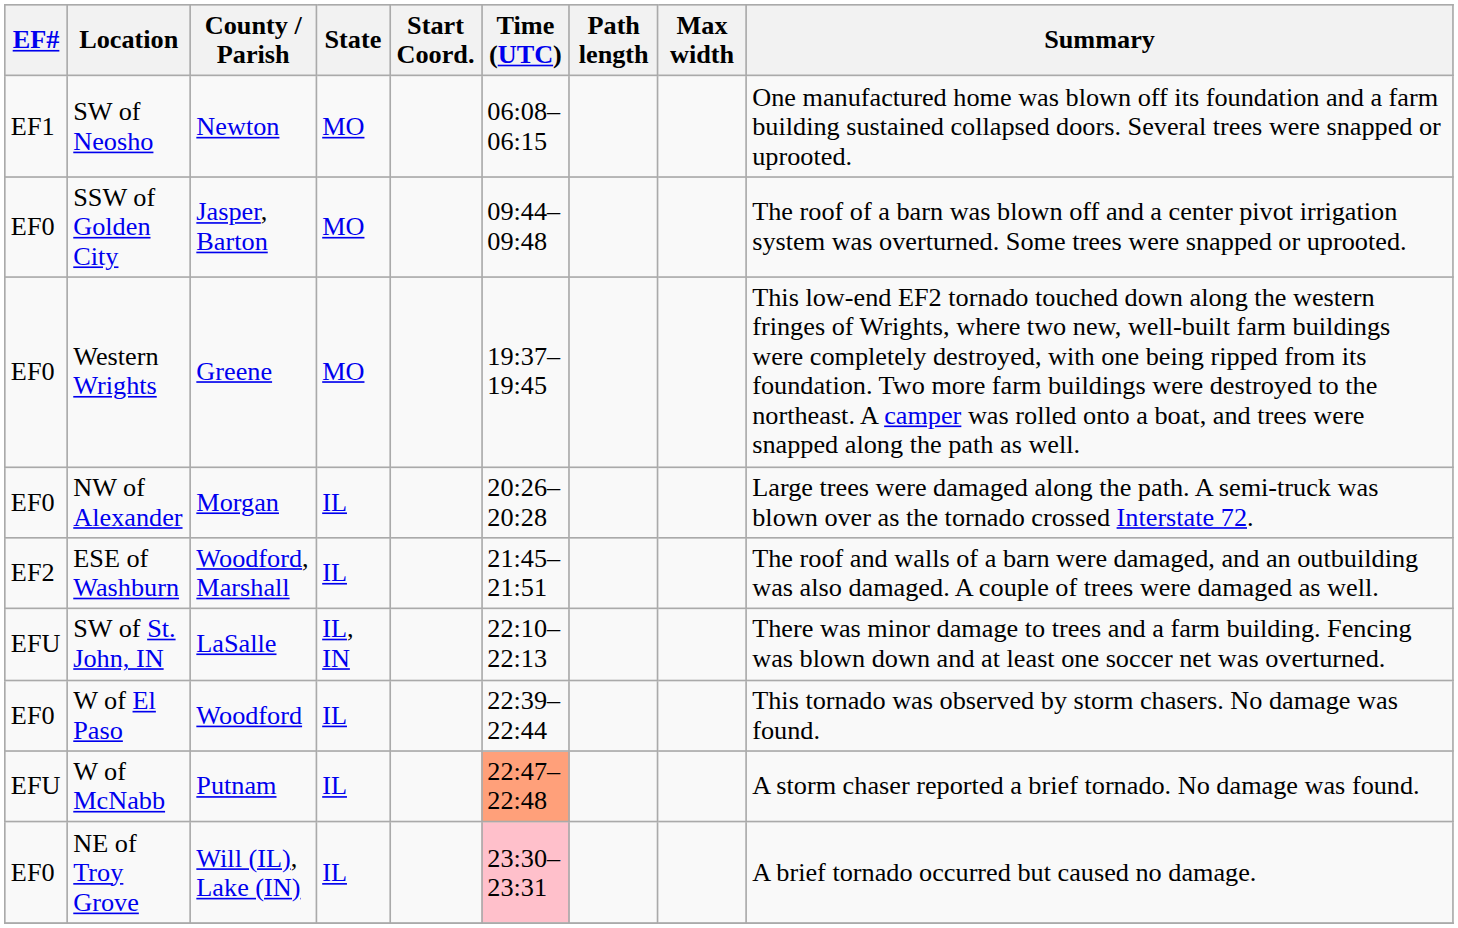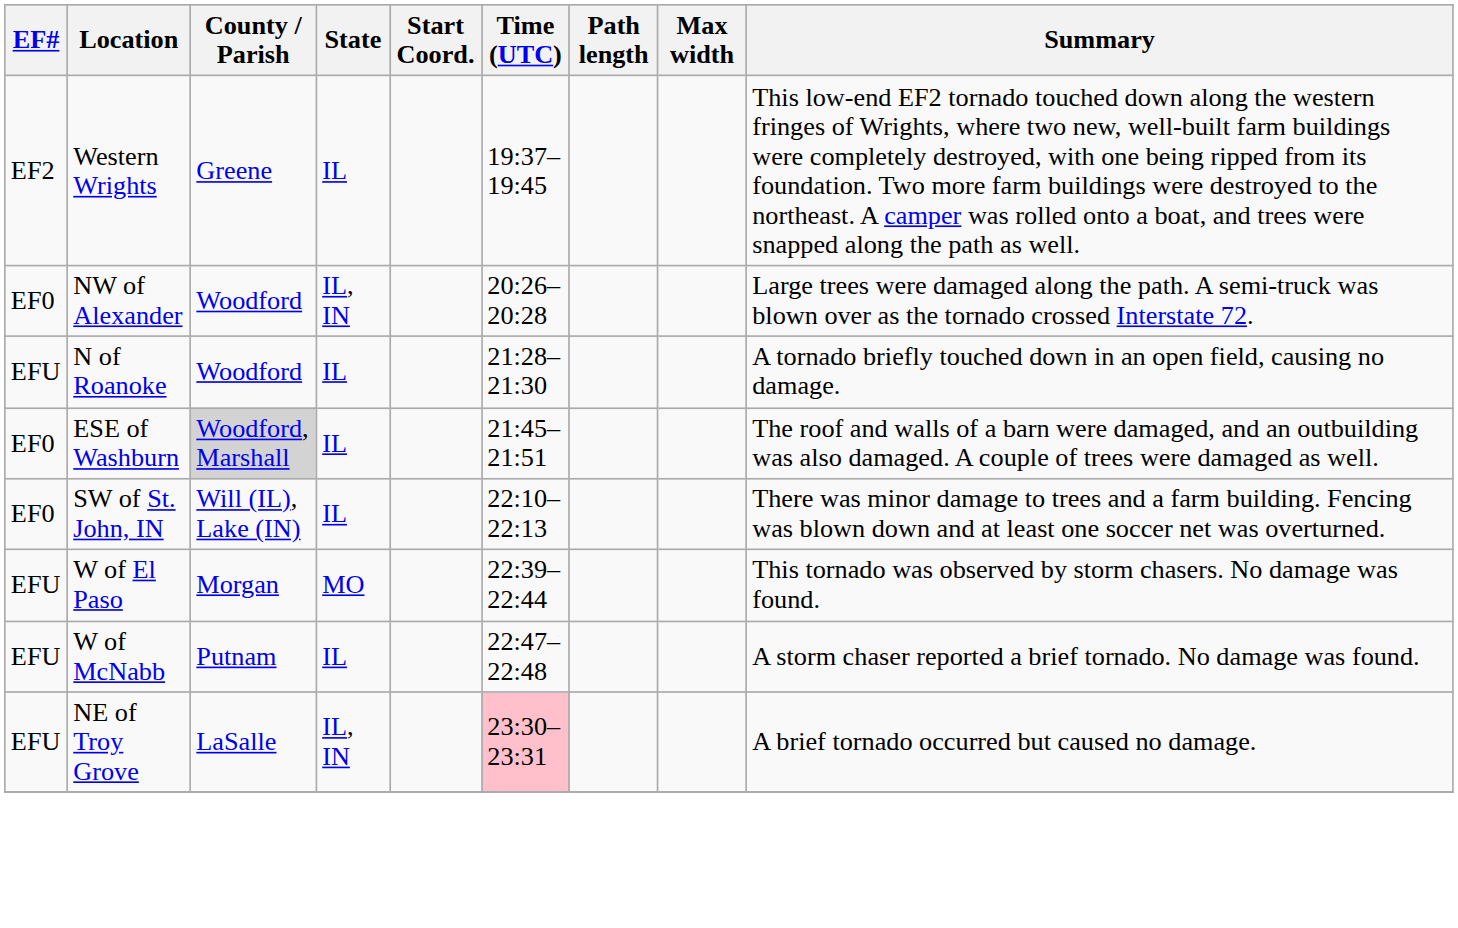 <table class="wikitable sortable" style="width:100%;">
 <tr>
 <th scope="col"  style="width:3%; text-align:center;"><a href='#'>EF#</a></th>
 <th scope="col"  style="width:7%; text-align:center;" class="unsortable">Location</th>
 <th scope="col"  style="width:6%; text-align:center;" class="unsortable">County / Parish</th>
 <th scope="col"  style="width:5%; text-align:center;">State</th>
 <th scope="col"  style="width:6%; text-align:center;">Start Coord.</th>
 <th scope="col"  style="width:6%; text-align:center;">Time (<a href='#'>UTC</a>)</th>
 <th scope="col"  style="width:6%; text-align:center;">Path length</th>
 <th scope="col"  style="width:6%; text-align:center;">Max width</th>
 <th scope="col" class="unsortable" style="width:48%; text-align:center;">Summary</th>
 </tr>
 <tr>
-<td>EF1</td>
-<td>SW of <a href='#'>Neosho</a></td>
-<td><a href='#'>Newton</a></td>
-<td><a href='#'>MO</a></td>
-<td></td>
-<td>06:08–06:15</td>
-<td></td>
-<td></td>
-<td>One manufactured home was blown off its foundation and a farm building sustained collapsed doors. Several trees were snapped or uprooted.</td>
-</tr>
-<tr>
-<td>EF0</td>
-<td>SSW of <a href='#'>Golden City</a></td>
-<td><a href='#'>Jasper</a>, <a href='#'>Barton</a></td>
-<td><a href='#'>MO</a></td>
-<td></td>
-<td>09:44–09:48</td>
-<td></td>
-<td></td>
-<td>The roof of a barn was blown off and a center pivot irrigation system was overturned. Some trees were snapped or uprooted.</td>
-</tr>
-<tr>
-<td>EF0</td>
+<td>EF2</td>
 <td>Western <a href='#'>Wrights</a></td>
 <td><a href='#'>Greene</a></td>
-<td><a href='#'>MO</a></td>
+<td><a href='#'>IL</a></td>
 <td></td>
 <td>19:37–19:45</td>
 <td></td>
 <td></td>
 <td>This low-end EF2 tornado touched down along the western fringes of Wrights, where two new, well-built farm buildings were completely destroyed, with one being ripped from its foundation. Two more farm buildings were destroyed to the northeast. A <a href='#'>camper</a> was rolled onto a boat, and trees were snapped along the path as well.</td>
 </tr>
 <tr>
 <td>EF0</td>
 <td>NW of <a href='#'>Alexander</a></td>
-<td><a href='#'>Morgan</a></td>
-<td><a href='#'>IL</a></td>
+<td><a href='#'>Woodford</a></td>
+<td><a href='#'>IL</a>, <a href='#'>IN</a></td>
 <td></td>
 <td>20:26–20:28</td>
 <td></td>
 <td></td>
 <td>Large trees were damaged along the path. A semi-truck was blown over as the tornado crossed <a href='#'>Interstate 72</a>.</td>
 </tr>
 <tr>
-<td>EF2</td>
+<td>EFU</td>
+<td>N of <a href='#'>Roanoke</a></td>
+<td><a href='#'>Woodford</a></td>
+<td><a href='#'>IL</a></td>
+<td></td>
+<td>21:28–21:30</td>
+<td></td>
+<td></td>
+<td>A tornado briefly touched down in an open field, causing no damage.</td>
+</tr>
+<tr>
+<td>EF0</td>
 <td>ESE of <a href='#'>Washburn</a></td>
-<td><a href='#'>Woodford</a>, <a href='#'>Marshall</a></td>
+<td style="background: lightgrey;"><a href='#'>Woodford</a>, <a href='#'>Marshall</a></td>
 <td><a href='#'>IL</a></td>
 <td></td>
 <td>21:45–21:51</td>
 <td></td>
 <td></td>
 <td>The roof and walls of a barn were damaged, and an outbuilding was also damaged. A couple of trees were damaged as well.</td>
 </tr>
 <tr>
-<td>EFU</td>
+<td>EF0</td>
 <td>SW of <a href='#'>St. John, IN</a></td>
-<td><a href='#'>LaSalle</a></td>
-<td><a href='#'>IL</a>, <a href='#'>IN</a></td>
+<td><a href='#'>Will (IL)</a>, <a href='#'>Lake (IN)</a></td>
+<td><a href='#'>IL</a></td>
 <td></td>
 <td>22:10–22:13</td>
 <td></td>
 <td></td>
 <td>There was minor damage to trees and a farm building. Fencing was blown down and at least one soccer net was overturned.</td>
 </tr>
 <tr>
-<td>EF0</td>
+<td>EFU</td>
 <td>W of <a href='#'>El Paso</a></td>
-<td><a href='#'>Woodford</a></td>
-<td><a href='#'>IL</a></td>
+<td><a href='#'>Morgan</a></td>
+<td><a href='#'>MO</a></td>
 <td></td>
 <td>22:39–22:44</td>
 <td></td>
 <td></td>
 <td>This tornado was observed by storm chasers. No damage was found.</td>
 </tr>
 <tr>
 <td>EFU</td>
 <td>W of <a href='#'>McNabb</a></td>
 <td><a href='#'>Putnam</a></td>
 <td><a href='#'>IL</a></td>
 <td></td>
-<td style="background: lightsalmon;">22:47–22:48</td>
+<td>22:47–22:48</td>
 <td></td>
 <td></td>
 <td>A storm chaser reported a brief tornado. No damage was found.</td>
 </tr>
 <tr>
-<td>EF0</td>
+<td>EFU</td>
 <td>NE of <a href='#'>Troy Grove</a></td>
-<td><a href='#'>Will (IL)</a>, <a href='#'>Lake (IN)</a></td>
-<td><a href='#'>IL</a></td>
+<td><a href='#'>LaSalle</a></td>
+<td><a href='#'>IL</a>, <a href='#'>IN</a></td>
 <td></td>
 <td style="background: pink;">23:30–23:31</td>
 <td></td>
 <td></td>
 <td>A brief tornado occurred but caused no damage.</td>
 </tr>
 <tr>
 </tr>
 </table>
